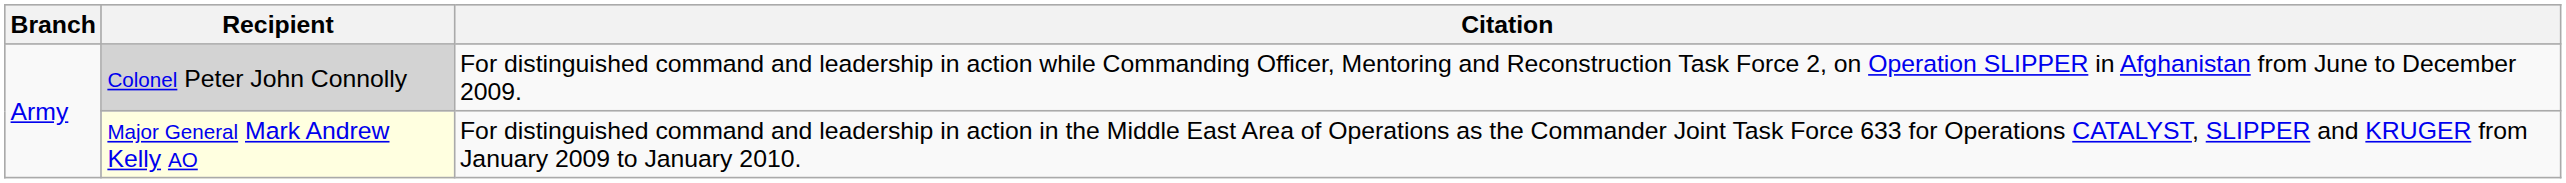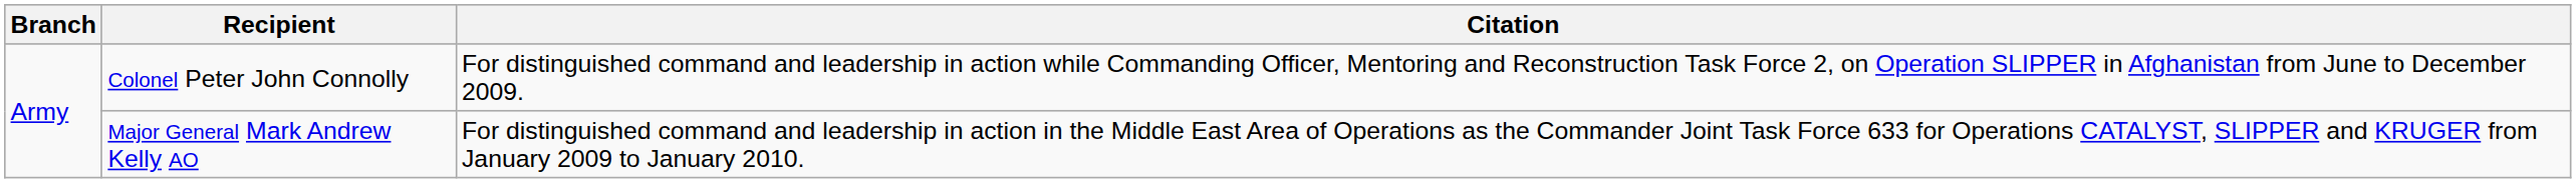 <table class="wikitable" style="font-size:95%;">
 <tr>
 <th>Branch</th>
 <th>Recipient</th>
 <th>Citation</th>
 </tr>
 <tr>
 <td rowspan="2"><a href='#'>Army</a></td>
-<td style="background: lightgrey;"><small><a href='#'>Colonel</a></small> Peter John Connolly</td>
+<td><small><a href='#'>Colonel</a></small> Peter John Connolly</td>
 <td>For distinguished command and leadership in action while Commanding Officer, Mentoring and Reconstruction Task Force 2, on <a href='#'>Operation SLIPPER</a> in <a href='#'>Afghanistan</a> from June to December 2009.</td>
 </tr>
 <tr>
-<td style="background: lightyellow;"><small><a href='#'>Major General</a></small> <a href='#'>Mark Andrew Kelly</a> <small><a href='#'>AO</a></small></td>
+<td><small><a href='#'>Major General</a></small> <a href='#'>Mark Andrew Kelly</a> <small><a href='#'>AO</a></small></td>
 <td>For distinguished command and leadership in action in the Middle East Area of Operations as the Commander Joint Task Force 633 for Operations <a href='#'>CATALYST</a>, <a href='#'>SLIPPER</a> and <a href='#'>KRUGER</a> from January 2009 to January 2010.</td>
 </tr>
 </table>
